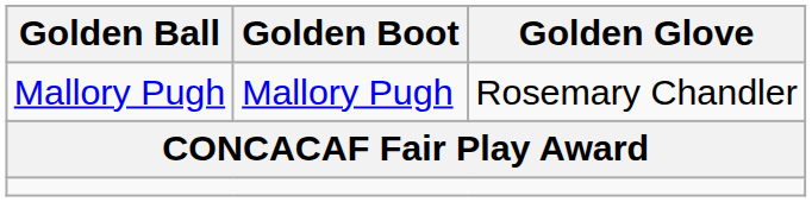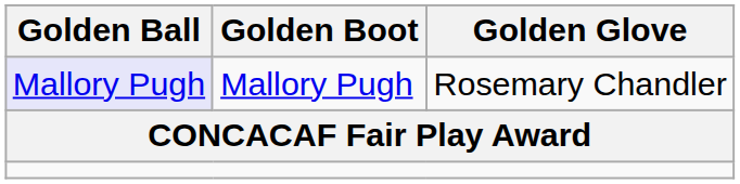 <table class="wikitable" style="margin:auto">
 <tr>
 <th>Golden Ball</th>
 <th>Golden Boot</th>
 <th>Golden Glove</th>
 </tr>
 <tr>
-<td> <a href='#'>Mallory Pugh</a></td>
+<td style="background: lavender;"> <a href='#'>Mallory Pugh</a></td>
 <td> <a href='#'>Mallory Pugh</a></td>
 <td> Rosemary Chandler</td>
 </tr>
 <tr>
 <th colspan="3">CONCACAF Fair Play Award</th>
 </tr>
 <tr>
 <td colspan="3" style="text-align:center;"></td>
 </tr>
 </table>
